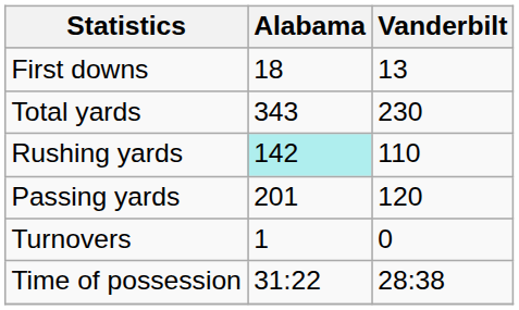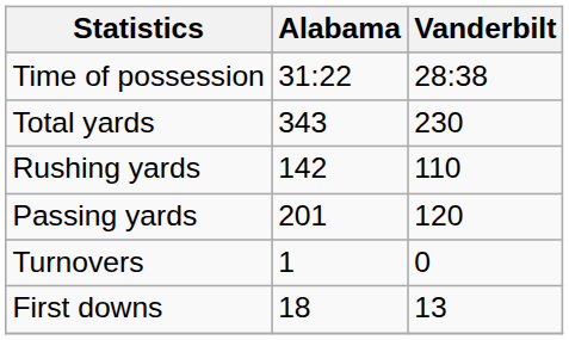 <table class="wikitable" style="float: left;">
 <tr>
 <th>Statistics</th>
 <th>Alabama</th>
 <th>Vanderbilt</th>
 </tr>
 <tr>
-<td>First downs</td>
-<td>18</td>
-<td>13</td>
+<td>Time of possession</td>
+<td>31:22</td>
+<td>28:38</td>
 </tr>
 <tr>
 <td>Total yards</td>
 <td>343</td>
 <td>230</td>
 </tr>
 <tr>
 <td>Rushing yards</td>
-<td style="background: paleturquoise;">142</td>
+<td>142</td>
 <td>110</td>
 </tr>
 <tr>
 <td>Passing yards</td>
 <td>201</td>
 <td>120</td>
 </tr>
 <tr>
 <td>Turnovers</td>
 <td>1</td>
 <td>0</td>
 </tr>
 <tr>
-<td>Time of possession</td>
-<td>31:22</td>
-<td>28:38</td>
+<td>First downs</td>
+<td>18</td>
+<td>13</td>
 </tr>
 <tr>
 </tr>
 </table>
